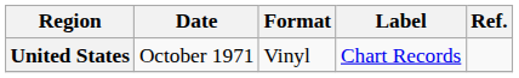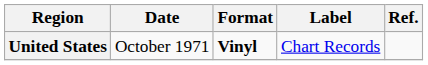 <table class="wikitable plainrowheaders">
 <tr>
 <th scope="col">Region</th>
 <th scope="col">Date</th>
 <th scope="col">Format</th>
 <th scope="col">Label</th>
 <th scope="col">Ref.</th>
 </tr>
 <tr>
 <th scope="row">United States</th>
 <td>October 1971</td>
-<td>Vinyl</td>
+<td><strong>Vinyl</strong></td>
 <td><a href='#'>Chart Records</a></td>
 <td></td>
 </tr>
 <tr>
 </tr>
 </table>
